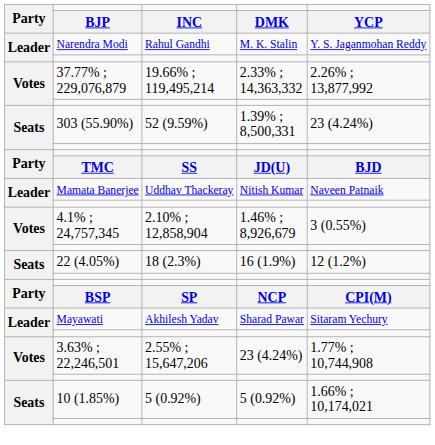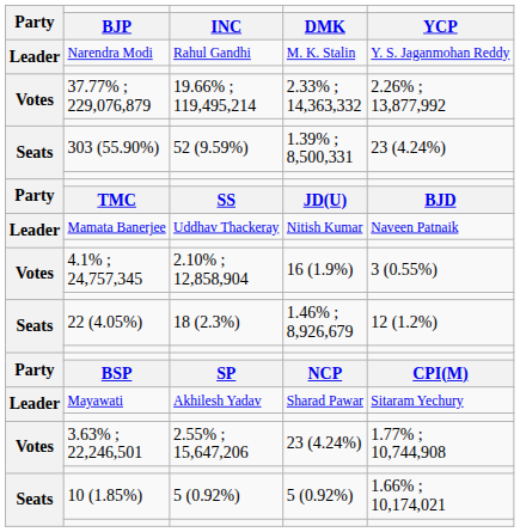 <table class=wikitable>
 <tr>
 <th rowspan="2">Party</th>
 <td></td>
 <td></td>
 <td></td>
 <td></td>
 </tr>
 <tr>
 <th><a href='#'>BJP</a></th>
 <th><a href='#'>INC</a></th>
 <th><a href='#'>DMK</a></th>
 <th><a href='#'>YCP</a></th>
 </tr>
 <tr>
 <th rowspan="2">Leader</th>
 <td><small><a href='#'>Narendra Modi</a></small></td>
 <td><small><a href='#'>Rahul Gandhi</a></small></td>
 <td><small><a href='#'>M. K. Stalin</a></small></td>
 <td><small><a href='#'>Y. S. Jaganmohan Reddy</a></small></td>
 </tr>
 <tr>
 <td></td>
 <td></td>
 <td></td>
 <td></td>
 </tr>
 <tr>
 <th rowspan="2">Votes</th>
 <td>37.77% ;<br>229,076,879</td>
 <td>19.66% ;<br>119,495,214</td>
 <td>2.33% ;<br>14,363,332</td>
 <td>2.26% ;<br>13,877,992</td>
 </tr>
 <tr>
 <td></td>
 <td></td>
 <td></td>
 <td></td>
 </tr>
 <tr>
 <th rowspan="2">Seats</th>
 <td>303 (55.90%)</td>
 <td>52 (9.59%)</td>
 <td>1.39% ;<br>8,500,331</td>
 <td>23 (4.24%)</td>
 </tr>
 <tr>
 <td></td>
 <td></td>
 <td></td>
 <td></td>
 </tr>
 <tr>
 <th rowspan="2">Party</th>
 <td></td>
 <td></td>
 <td></td>
 <td></td>
 </tr>
 <tr>
 <th><a href='#'>TMC</a></th>
 <th><a href='#'>SS</a></th>
 <th><a href='#'>JD(U)</a></th>
 <th><a href='#'>BJD</a></th>
 </tr>
 <tr>
 <th rowspan="2">Leader</th>
 <td><small><a href='#'>Mamata Banerjee</a></small></td>
 <td><small><a href='#'>Uddhav Thackeray</a></small></td>
 <td><small><a href='#'>Nitish Kumar</a></small></td>
 <td><small><a href='#'>Naveen Patnaik</a></small></td>
 </tr>
 <tr>
 <td></td>
 <td></td>
 <td></td>
 <td></td>
 </tr>
 <tr>
 <th rowspan="2">Votes</th>
 <td>4.1% ;<br>24,757,345</td>
 <td>2.10% ;<br>12,858,904</td>
-<td>1.46% ;<br>8,926,679</td>
+<td>16 (1.9%)</td>
 <td>3 (0.55%)</td>
 </tr>
 <tr>
 <td></td>
 <td></td>
 <td></td>
 <td></td>
 </tr>
 <tr>
 <th rowspan="2">Seats</th>
 <td>22 (4.05%)</td>
 <td>18 (2.3%)</td>
-<td>16 (1.9%)</td>
+<td>1.46% ;<br>8,926,679</td>
 <td>12 (1.2%)</td>
 </tr>
 <tr>
 <td></td>
 <td></td>
 <td></td>
 <td></td>
 </tr>
 <tr>
 <th rowspan="2">Party</th>
 <td></td>
 <td></td>
 <td></td>
 <td></td>
 </tr>
 <tr>
 <th><a href='#'>BSP</a></th>
 <th><a href='#'>SP</a></th>
 <th><a href='#'>NCP</a></th>
 <th><a href='#'>CPI(M)</a></th>
 </tr>
 <tr>
 <th rowspan="2">Leader</th>
 <td><small><a href='#'>Mayawati</a></small></td>
 <td><small><a href='#'>Akhilesh Yadav</a></small></td>
 <td><small><a href='#'>Sharad Pawar</a></small></td>
 <td><small><a href='#'>Sitaram Yechury</a></small></td>
 </tr>
 <tr>
 <td></td>
 <td></td>
 <td></td>
 <td></td>
 </tr>
 <tr>
 <th rowspan="2">Votes</th>
 <td>3.63% ;<br>22,246,501</td>
 <td>2.55% ;<br>15,647,206</td>
 <td>23 (4.24%)</td>
 <td>1.77% ;<br>10,744,908</td>
 </tr>
 <tr>
 <td></td>
 <td></td>
 <td></td>
 <td></td>
 </tr>
 <tr>
 <th rowspan="2">Seats</th>
 <td>10 (1.85%)</td>
 <td>5 (0.92%)</td>
 <td>5 (0.92%)</td>
 <td>1.66% ;<br>10,174,021</td>
 </tr>
 <tr>
 <td></td>
 <td></td>
 <td></td>
 <td></td>
 </tr>
 </table>
